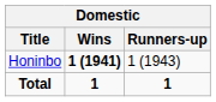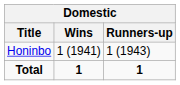 <table class="wikitable">
 <tr>
 <th colspan=3>Domestic</th>
 </tr>
 <tr>
 <th>Title</th>
 <th>Wins</th>
 <th>Runners-up</th>
 </tr>
 <tr>
 <td><a href='#'>Honinbo</a></td>
-<td><strong>1 (1941)</strong></td>
+<td>1 (1941)</td>
 <td>1 (1943)</td>
 </tr>
 <tr align="center">
 <td><strong>Total</strong></td>
 <td><strong>1</strong></td>
 <td><strong>1</strong></td>
 </tr>
 </table>
